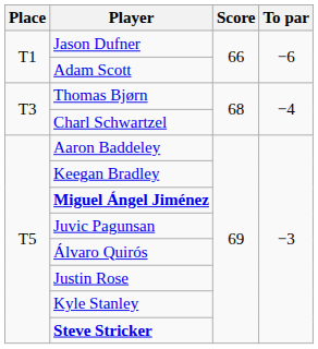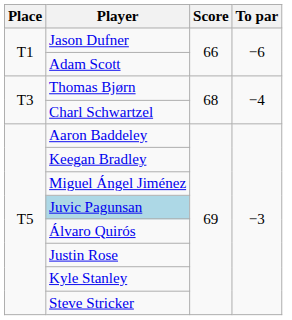 <table class="wikitable">
 <tr>
 <th>Place</th>
 <th>Player</th>
 <th>Score</th>
 <th>To par</th>
 </tr>
 <tr>
 <td rowspan="2" align=center>T1</td>
 <td> <a href='#'>Jason Dufner</a></td>
 <td rowspan="2" align=center>66</td>
 <td rowspan="2" align=center>−6</td>
 </tr>
 <tr>
 <td> <a href='#'>Adam Scott</a></td>
 </tr>
 <tr>
 <td rowspan="2" align=center>T3</td>
 <td> <a href='#'>Thomas Bjørn</a></td>
 <td rowspan="2" align=center>68</td>
 <td rowspan="2" align=center>−4</td>
 </tr>
 <tr>
 <td> <a href='#'>Charl Schwartzel</a></td>
 </tr>
 <tr>
 <td rowspan="8" align=center>T5</td>
 <td> <a href='#'>Aaron Baddeley</a></td>
 <td rowspan="8" align=center>69</td>
 <td rowspan="8" align=center>−3</td>
 </tr>
 <tr>
 <td> <a href='#'>Keegan Bradley</a></td>
 </tr>
 <tr>
-<td><strong> <a href='#'>Miguel Ángel Jiménez</a></strong></td>
+<td> <a href='#'>Miguel Ángel Jiménez</a></td>
 </tr>
 <tr>
-<td> <a href='#'>Juvic Pagunsan</a></td>
+<td style="background: lightblue;"> <a href='#'>Juvic Pagunsan</a></td>
 </tr>
 <tr>
 <td> <a href='#'>Álvaro Quirós</a></td>
 </tr>
 <tr>
 <td> <a href='#'>Justin Rose</a></td>
 </tr>
 <tr>
 <td> <a href='#'>Kyle Stanley</a></td>
 </tr>
 <tr>
-<td><strong> <a href='#'>Steve Stricker</a></strong></td>
+<td> <a href='#'>Steve Stricker</a></td>
 </tr>
 </table>
